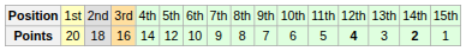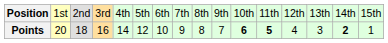 <table class="wikitable" style="font-size:87%; text-align: center">
 <tr>
 <th>Position</th>
 <td style="background:#FFFFBF;">1st</td>
 <td style="background:#DFDFDF;">2nd</td>
 <td style="background:#FFDF9F;">3rd</td>
 <td style="background:#DFFFDF;">4th</td>
 <td style="background:#DFFFDF;">5th</td>
 <td style="background:#DFFFDF;">6th</td>
 <td style="background:#DFFFDF;">7th</td>
 <td style="background:#DFFFDF;">8th</td>
 <td style="background:#DFFFDF;">9th</td>
 <td style="background:#DFFFDF;">10th</td>
 <td style="background:#DFFFDF;">11th</td>
 <td style="background:#DFFFDF;">12th</td>
 <td style="background:#DFFFDF;">13th</td>
 <td style="background:#DFFFDF;">14th</td>
 <td style="background:#DFFFDF;">15th</td>
 </tr>
 <tr>
 <th>Points</th>
 <td style="background:#FFFFBF;">20</td>
 <td style="background:#DFDFDF;">18</td>
 <td style="background:#FFDF9F;">16</td>
 <td style="background:#DFFFDF;">14</td>
 <td style="background:#DFFFDF;">12</td>
 <td style="background:#DFFFDF;">10</td>
 <td style="background:#DFFFDF;">9</td>
 <td style="background:#DFFFDF;">8</td>
 <td style="background:#DFFFDF;">7</td>
-<td style="background:#DFFFDF;">6</td>
-<td style="background:#DFFFDF;">5</td>
-<td style="background:#DFFFDF;"><strong>4</strong></td>
+<td style="background:#DFFFDF;"><strong>6</strong></td>
+<td style="background:#DFFFDF;"><strong>5</strong></td>
+<td style="background:#DFFFDF;">4</td>
 <td style="background:#DFFFDF;">3</td>
 <td style="background:#DFFFDF;"><strong>2</strong></td>
 <td style="background:#DFFFDF;">1</td>
 </tr>
 </table>
